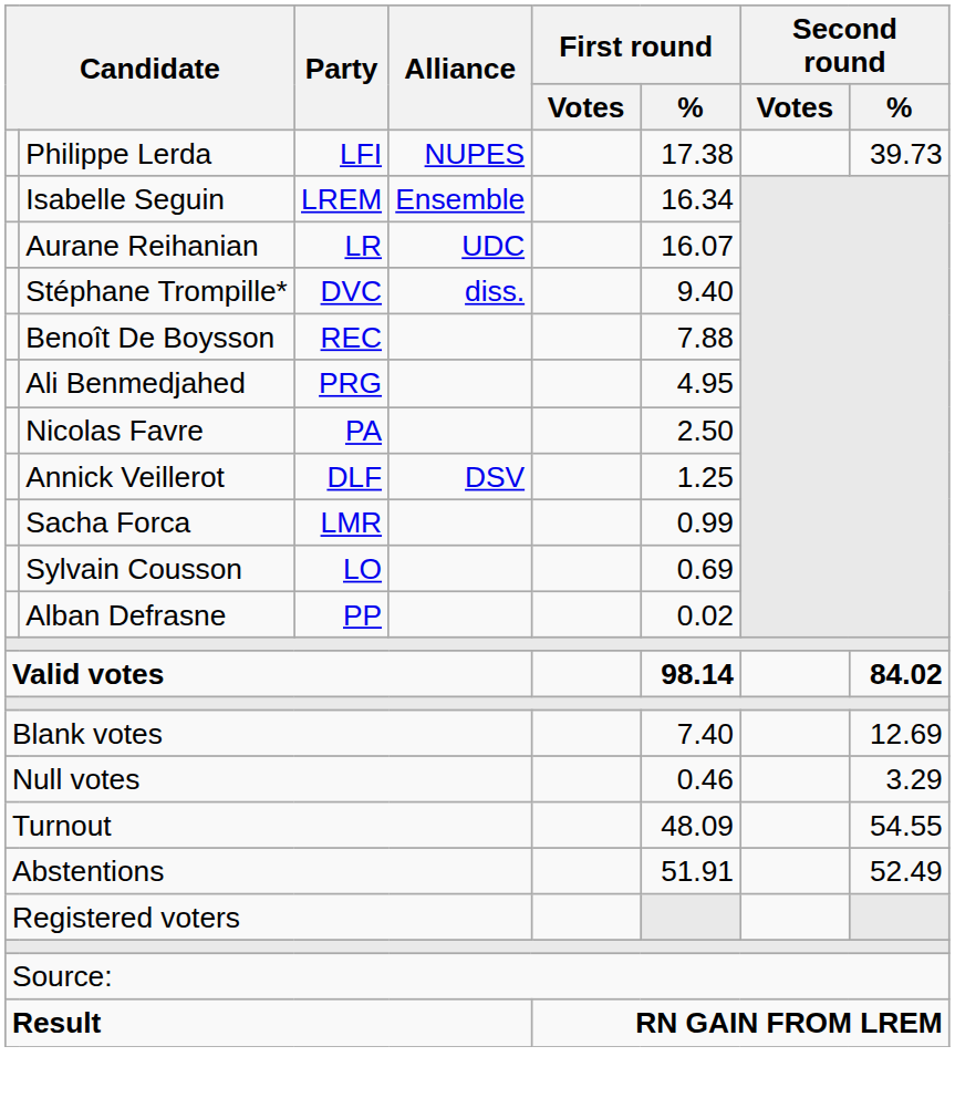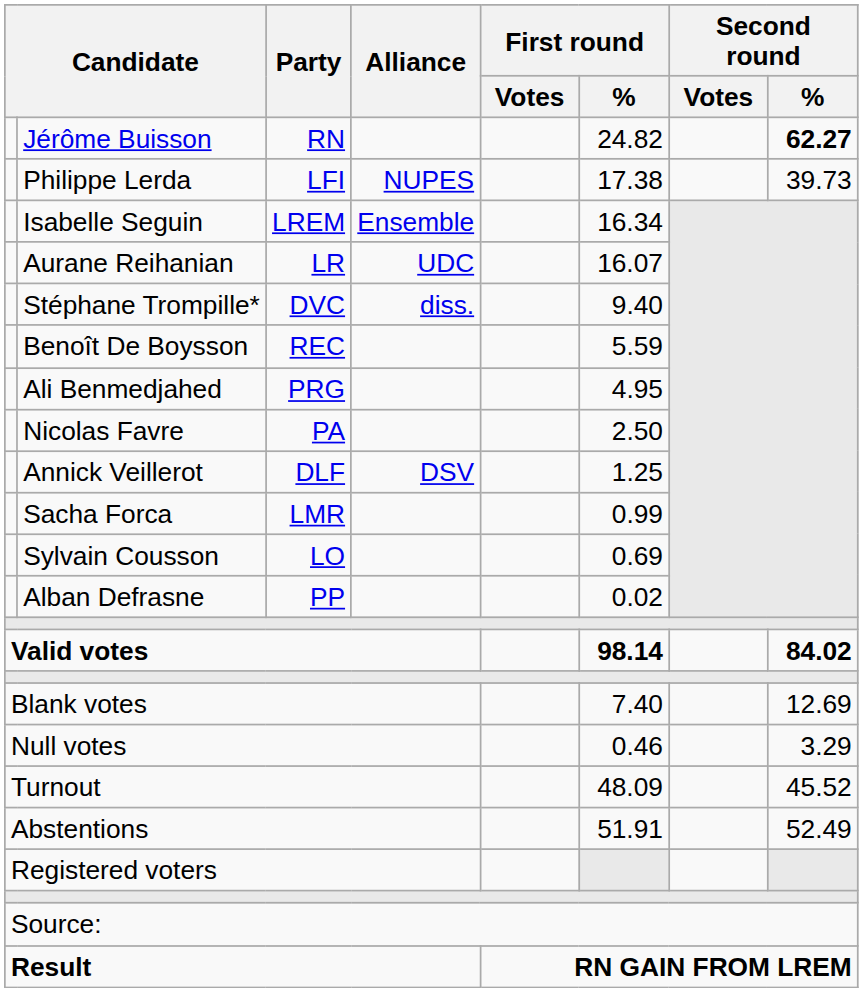 <table class="wikitable" style="text-align:right;font-size:95%;">
 <tr>
 <th colspan="2" rowspan="2">Candidate</th>
 <th colspan="1" rowspan="2">Party</th>
 <th colspan="1" rowspan="2">Alliance</th>
 <th colspan="2">First round</th>
 <th colspan="2">Second round</th>
 </tr>
 <tr>
 <th style="width:50px;">Votes</th>
 <th style="width:45px;">%</th>
 <th style="width:50px;">Votes</th>
 <th style="width:45px;">%</th>
+</tr>
+<tr>
+<td style="color:inherit;background:"></td>
+<td style="text-align:left;"><a href='#'>Jérôme Buisson</a></td>
+<td><a href='#'>RN</a></td>
+<td></td>
+<td></td>
+<td>24.82</td>
+<td><strong></strong></td>
+<td><strong>62.27</strong></td>
 </tr>
 <tr>
 <td style="color:inherit;background:"></td>
 <td style="text-align:left;">Philippe Lerda</td>
 <td><a href='#'>LFI</a></td>
 <td><a href='#'>NUPES</a></td>
 <td></td>
 <td>17.38</td>
 <td></td>
 <td>39.73</td>
 </tr>
 <tr>
 <td style="color:inherit;background:"></td>
 <td style="text-align:left;">Isabelle Seguin</td>
 <td><a href='#'>LREM</a></td>
 <td><a href='#'>Ensemble</a></td>
 <td></td>
 <td>16.34</td>
 <td colspan="2" rowspan="10" style="background:#E9E9E9;"></td>
 </tr>
 <tr>
 <td style="color:inherit;background:"></td>
 <td style="text-align:left;">Aurane Reihanian</td>
 <td><a href='#'>LR</a></td>
 <td><a href='#'>UDC</a></td>
 <td></td>
 <td>16.07</td>
 </tr>
 <tr>
 <td style="color:inherit;background:"></td>
 <td style="text-align:left;">Stéphane Trompille*</td>
 <td><a href='#'>DVC</a></td>
 <td><a href='#'>diss.</a></td>
 <td></td>
 <td>9.40</td>
 </tr>
 <tr>
 <td style="color:inherit;background:"></td>
 <td style="text-align:left;">Benoît De Boysson</td>
 <td><a href='#'>REC</a></td>
 <td></td>
 <td></td>
-<td>7.88</td>
+<td>5.59</td>
 </tr>
 <tr>
 <td style="color:inherit;background:"></td>
 <td style="text-align:left;">Ali Benmedjahed</td>
 <td><a href='#'>PRG</a></td>
 <td></td>
 <td></td>
 <td>4.95</td>
 </tr>
 <tr>
 <td style="color:inherit;background:"></td>
 <td style="text-align:left;">Nicolas Favre</td>
 <td><a href='#'>PA</a></td>
 <td></td>
 <td></td>
 <td>2.50</td>
 </tr>
 <tr>
 <td style="color:inherit;background:"></td>
 <td style="text-align:left;">Annick Veillerot</td>
 <td><a href='#'>DLF</a></td>
 <td><a href='#'>DSV</a></td>
 <td></td>
 <td>1.25</td>
 </tr>
 <tr>
 <td style="color:inherit;background:"></td>
 <td style="text-align:left;">Sacha Forca</td>
 <td><a href='#'>LMR</a></td>
 <td></td>
 <td></td>
 <td>0.99</td>
 </tr>
 <tr>
 <td style="color:inherit;background:"></td>
 <td style="text-align:left;">Sylvain Cousson</td>
 <td><a href='#'>LO</a></td>
 <td></td>
 <td></td>
 <td>0.69</td>
 </tr>
 <tr>
 <td style="color:inherit;background:"></td>
 <td style="text-align:left;">Alban Defrasne</td>
 <td><a href='#'>PP</a></td>
 <td></td>
 <td></td>
 <td>0.02</td>
 </tr>
 <tr>
 <td colspan="8" style="background:#E9E9E9;"></td>
 </tr>
 <tr style="font-weight:bold;">
 <td colspan="4" style="text-align:left;">Valid votes</td>
 <td></td>
 <td>98.14</td>
 <td></td>
 <td>84.02</td>
 </tr>
 <tr>
 <td colspan="8" style="background:#E9E9E9;"></td>
 </tr>
 <tr>
 <td colspan="4" style="text-align:left;">Blank votes</td>
 <td></td>
 <td>7.40</td>
 <td></td>
 <td>12.69</td>
 </tr>
 <tr>
 <td colspan="4" style="text-align:left;">Null votes</td>
 <td></td>
 <td>0.46</td>
 <td></td>
 <td>3.29</td>
 </tr>
 <tr>
 <td colspan="4" style="text-align:left;">Turnout</td>
 <td></td>
 <td>48.09</td>
 <td></td>
-<td>54.55</td>
+<td>45.52</td>
 </tr>
 <tr>
 <td colspan="4" style="text-align:left;">Abstentions</td>
 <td></td>
 <td>51.91</td>
 <td></td>
 <td>52.49</td>
 </tr>
 <tr>
 <td colspan="4" style="text-align:left;">Registered voters</td>
 <td></td>
 <td style="color:inherit;background:#E9E9E9;"></td>
 <td></td>
 <td style="color:inherit;background:#E9E9E9;"></td>
 </tr>
 <tr>
 <td colspan="8" style="background:#E9E9E9;"></td>
 </tr>
 <tr>
 <td colspan="8" style="text-align:left;">Source: </td>
 </tr>
 <tr style="font-weight:bold">
 <td colspan="4" style="text-align:left;">Result</td>
 <td colspan="4" style="background-color:">RN GAIN FROM LREM</td>
 </tr>
 </table>
